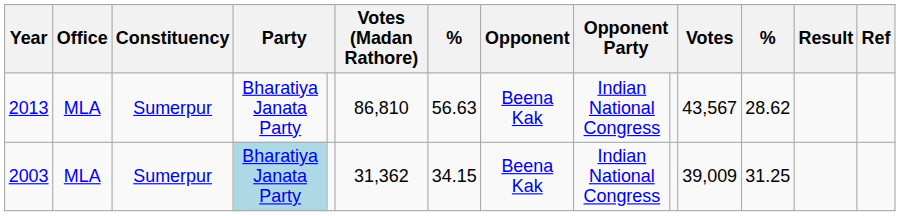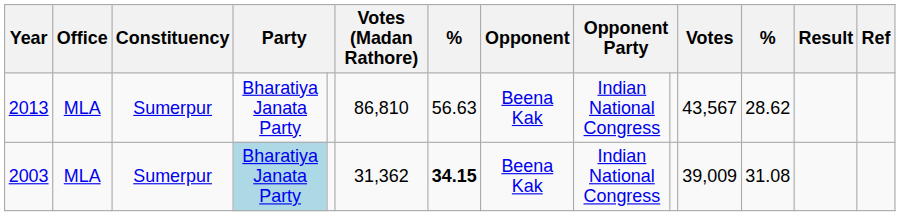 <table class="wikitable" style="width:90%; text-align: center;">
 <tr>
 <th>Year</th>
 <th>Office</th>
 <th>Constituency</th>
 <th colspan=2>Party</th>
 <th>Votes (Madan Rathore)</th>
 <th>%</th>
 <th>Opponent</th>
 <th colspan=2>Opponent Party</th>
 <th>Votes</th>
 <th>%</th>
 <th>Result</th>
 <th>Ref</th>
 </tr>
 <tr>
 <td><a href='#'>2013</a></td>
 <td><a href='#'>MLA</a></td>
 <td><a href='#'>Sumerpur</a></td>
 <td><a href='#'>Bharatiya Janata Party</a></td>
 <td></td>
 <td>86,810</td>
 <td>56.63</td>
 <td><a href='#'>Beena Kak</a></td>
 <td><a href='#'>Indian National Congress</a></td>
 <td></td>
 <td>43,567</td>
 <td>28.62</td>
 <td></td>
 <td></td>
 </tr>
 <tr>
 <td><a href='#'>2003</a></td>
 <td><a href='#'>MLA</a></td>
 <td><a href='#'>Sumerpur</a></td>
 <td style="background: lightblue;"><a href='#'>Bharatiya Janata Party</a></td>
 <td></td>
 <td>31,362</td>
-<td>34.15</td>
+<td><strong>34.15</strong></td>
 <td><a href='#'>Beena Kak</a></td>
 <td><a href='#'>Indian National Congress</a></td>
 <td></td>
 <td>39,009</td>
-<td>31.25</td>
+<td>31.08</td>
 <td></td>
 <td><br> </td>
 </tr>
 </table>
